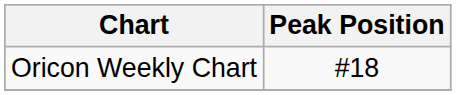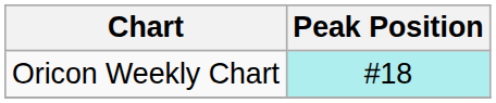 <table class="wikitable">
 <tr>
 <th>Chart</th>
 <th>Peak Position</th>
 </tr>
 <tr>
 <td>Oricon Weekly Chart</td>
-<td align="center">#18</td>
+<td align="center" style="background: paleturquoise;">#18</td>
 </tr>
 <tr>
 </tr>
 </table>
